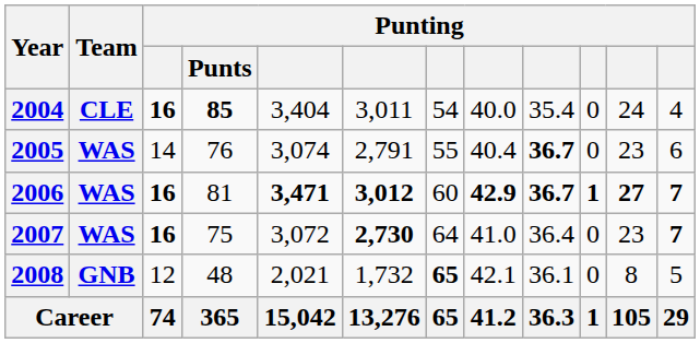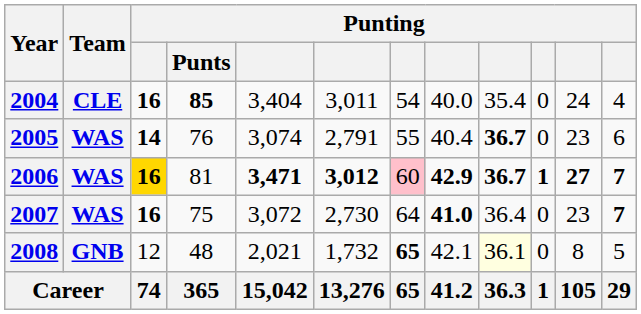 <table class=wikitable style="text-align:center;">
 <tr>
 <th rowspan="2">Year</th>
 <th rowspan="2">Team</th>
 <th colspan="10">Punting</th>
 </tr>
 <tr>
 <th></th>
 <th>Punts</th>
 <th></th>
 <th></th>
 <th></th>
 <th></th>
 <th></th>
 <th></th>
 <th></th>
 <th></th>
 </tr>
 <tr>
 <th><a href='#'>2004</a></th>
 <th><a href='#'>CLE</a></th>
 <td><strong>16</strong></td>
 <td><strong>85</strong></td>
 <td>3,404</td>
 <td>3,011</td>
 <td>54</td>
 <td>40.0</td>
 <td>35.4</td>
 <td>0</td>
 <td>24</td>
 <td>4</td>
 </tr>
 <tr>
 <th><a href='#'>2005</a></th>
 <th><a href='#'>WAS</a></th>
-<td>14</td>
+<td><strong>14</strong></td>
 <td>76</td>
 <td>3,074</td>
 <td>2,791</td>
 <td>55</td>
 <td>40.4</td>
 <td><strong>36.7</strong></td>
 <td>0</td>
 <td>23</td>
 <td>6</td>
 </tr>
 <tr>
 <th><a href='#'>2006</a></th>
 <th><a href='#'>WAS</a></th>
-<td><strong>16</strong></td>
+<td style="background: gold;"><strong>16</strong></td>
 <td>81</td>
 <td><strong>3,471</strong></td>
 <td><strong>3,012</strong></td>
-<td>60</td>
+<td style="background: pink;">60</td>
 <td><strong>42.9</strong></td>
 <td><strong>36.7</strong></td>
 <td><strong>1</strong></td>
 <td><strong>27</strong></td>
 <td><strong>7</strong></td>
 </tr>
 <tr>
 <th><a href='#'>2007</a></th>
 <th><a href='#'>WAS</a></th>
 <td><strong>16</strong></td>
 <td>75</td>
 <td>3,072</td>
-<td><strong>2,730</strong></td>
+<td>2,730</td>
 <td>64</td>
-<td>41.0</td>
+<td><strong>41.0</strong></td>
 <td>36.4</td>
 <td>0</td>
 <td>23</td>
 <td><strong>7</strong></td>
 </tr>
 <tr>
 <th><a href='#'>2008</a></th>
 <th><a href='#'>GNB</a></th>
 <td>12</td>
 <td>48</td>
 <td>2,021</td>
 <td>1,732</td>
 <td><strong>65</strong></td>
 <td>42.1</td>
-<td>36.1</td>
+<td style="background: lightyellow;">36.1</td>
 <td>0</td>
 <td>8</td>
 <td>5</td>
 </tr>
 <tr>
 <th colspan="2">Career</th>
 <th>74</th>
 <th>365</th>
 <th>15,042</th>
 <th>13,276</th>
 <th>65</th>
 <th>41.2</th>
 <th>36.3</th>
 <th>1</th>
 <th>105</th>
 <th>29</th>
 </tr>
 </table>
